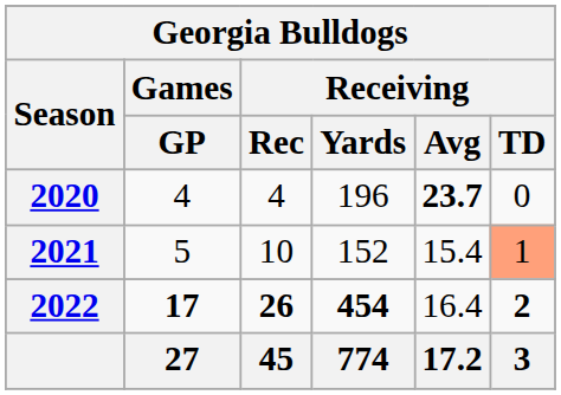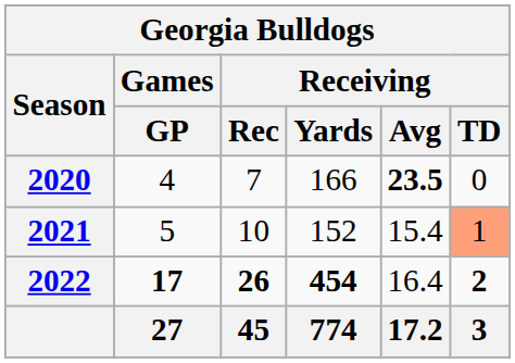 <table class="wikitable" style="text-align:center;">
 <tr>
 </tr>
 <tr>
 <th colspan="19">Georgia Bulldogs</th>
 </tr>
 <tr>
 <th rowspan="2">Season</th>
 <th>Games</th>
 <th colspan="4">Receiving</th>
 </tr>
 <tr>
 <th>GP</th>
 <th>Rec</th>
 <th>Yards</th>
 <th>Avg</th>
 <th>TD</th>
 </tr>
 <tr>
 <th><a href='#'>2020</a></th>
 <td>4</td>
-<td>4</td>
-<td>196</td>
-<td><strong>23.7</strong></td>
+<td>7</td>
+<td>166</td>
+<td><strong>23.5</strong></td>
 <td>0</td>
 </tr>
 <tr>
 <th><a href='#'>2021</a></th>
 <td>5</td>
 <td>10</td>
 <td>152</td>
 <td>15.4</td>
 <td style="background: lightsalmon;">1</td>
 </tr>
 <tr>
 <th><a href='#'>2022</a></th>
 <td><strong>17</strong></td>
 <td><strong>26</strong></td>
 <td><strong>454</strong></td>
 <td>16.4</td>
 <td><strong>2</strong></td>
 </tr>
 <tr>
 <th></th>
 <th>27</th>
 <th>45</th>
 <th>774</th>
 <th>17.2</th>
 <th>3</th>
 </tr>
 </table>
